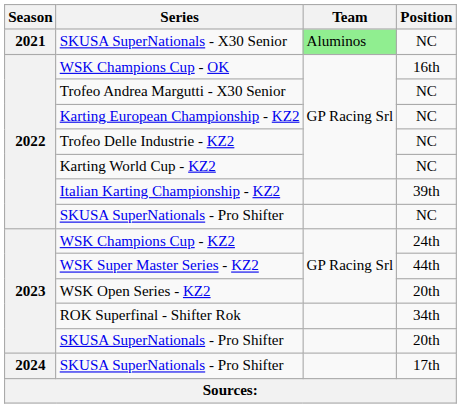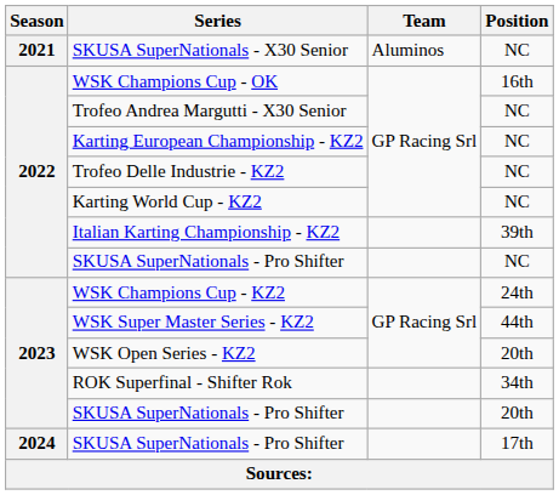 <table class="wikitable" style="font-size: 85%; text-align:center">
 <tr>
 <th>Season</th>
 <th>Series</th>
 <th>Team</th>
 <th>Position</th>
 </tr>
 <tr>
 <th>2021</th>
 <td align="left"><a href='#'>SKUSA SuperNationals</a> - X30 Senior</td>
-<td align="left" style="background: lightgreen;">Aluminos</td>
+<td align="left">Aluminos</td>
 <td style="background:#;">NC</td>
 </tr>
 <tr>
 <th rowspan="7">2022</th>
 <td align="left"><a href='#'>WSK Champions Cup</a> - <a href='#'>OK</a></td>
 <td align="left" rowspan="5">GP Racing Srl</td>
 <td style="background:#;">16th</td>
 </tr>
 <tr>
 <td align="left">Trofeo Andrea Margutti - X30 Senior</td>
 <td style="background:#;">NC</td>
 </tr>
 <tr>
 <td align="left"><a href='#'>Karting European Championship</a> - <a href='#'>KZ2</a></td>
 <td style="background:#;">NC</td>
 </tr>
 <tr>
 <td align="left">Trofeo Delle Industrie - <a href='#'>KZ2</a></td>
 <td style="background:#;">NC</td>
 </tr>
 <tr>
 <td align="left">Karting World Cup - <a href='#'>KZ2</a></td>
 <td style="background:#;">NC</td>
 </tr>
 <tr>
 <td align="left"><a href='#'>Italian Karting Championship</a> - <a href='#'>KZ2</a></td>
 <td align="left"></td>
 <td style="background:#;">39th</td>
 </tr>
 <tr>
 <td align="left"><a href='#'>SKUSA SuperNationals</a> - Pro Shifter</td>
 <td align="left"></td>
 <td style="background:#;">NC</td>
 </tr>
 <tr>
 <th rowspan="5">2023</th>
 <td align="left"><a href='#'>WSK Champions Cup</a> - <a href='#'>KZ2</a></td>
 <td align="left" rowspan="3">GP Racing Srl</td>
 <td style="background:#;">24th</td>
 </tr>
 <tr>
 <td align="left"><a href='#'>WSK Super Master Series</a> - <a href='#'>KZ2</a></td>
 <td style="background:#;">44th</td>
 </tr>
 <tr>
 <td align="left">WSK Open Series - <a href='#'>KZ2</a></td>
 <td style="background:#;">20th</td>
 </tr>
 <tr>
 <td align="left">ROK Superfinal - Shifter Rok</td>
 <td align="left"></td>
 <td style="background:#;">34th</td>
 </tr>
 <tr>
 <td align="left"><a href='#'>SKUSA SuperNationals</a> - Pro Shifter</td>
 <td align="left"></td>
 <td style="background:#;">20th</td>
 </tr>
 <tr>
 <th>2024</th>
 <td align="left"><a href='#'>SKUSA SuperNationals</a> - Pro Shifter</td>
 <td align="left"></td>
 <td style="background:#;">17th</td>
 </tr>
 <tr>
 <th colspan="4">Sources:</th>
 </tr>
 </table>
